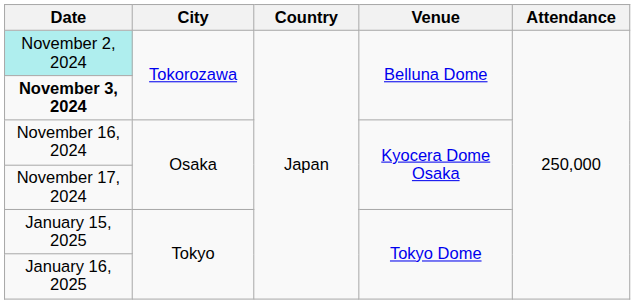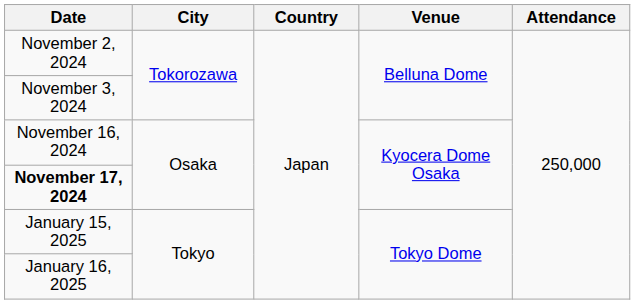 <table class="wikitable" style="text-align:center">
 <tr>
 <th scope="col" style="width:12em">Date</th>
 <th scope="col" style="width:10em">City</th>
 <th scope="col" style="width:10em">Country</th>
 <th scope="col" style="width:19em">Venue</th>
 <th scope="col" style="width:9em">Attendance</th>
 </tr>
 <tr>
-<td style="background: paleturquoise;">November 2, 2024</td>
+<td>November 2, 2024</td>
 <td rowspan="2"><a href='#'>Tokorozawa</a></td>
 <td rowspan="6">Japan</td>
 <td rowspan="2"><a href='#'>Belluna Dome</a></td>
 <td rowspan="6">250,000</td>
 </tr>
 <tr>
-<td><strong>November 3, 2024</strong></td>
+<td>November 3, 2024</td>
 </tr>
 <tr>
 <td>November 16, 2024</td>
 <td rowspan="2">Osaka</td>
 <td rowspan="2"><a href='#'>Kyocera Dome Osaka</a></td>
 </tr>
 <tr>
-<td>November 17, 2024</td>
+<td><strong>November 17, 2024</strong></td>
 </tr>
 <tr>
 <td>January 15, 2025</td>
 <td rowspan="2">Tokyo</td>
 <td rowspan="2"><a href='#'>Tokyo Dome</a></td>
 </tr>
 <tr>
 <td>January 16, 2025</td>
 </tr>
 </table>
